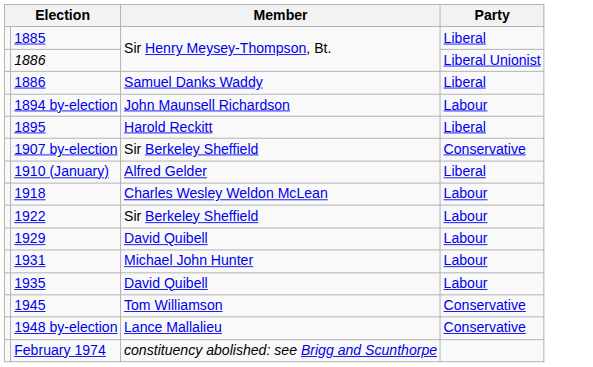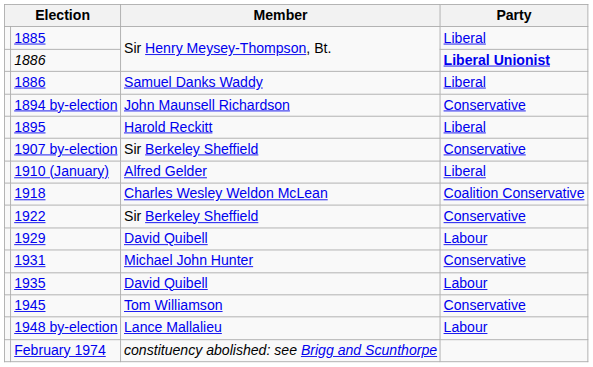 <table class="wikitable">
 <tr>
 <th colspan="2">Election</th>
 <th>Member</th>
 <th>Party</th>
 </tr>
 <tr>
 <td style="color:inherit;background-color: "></td>
 <td><a href='#'>1885</a></td>
 <td rowspan="2">Sir <a href='#'>Henry Meysey-Thompson</a>, Bt.</td>
 <td><a href='#'>Liberal</a></td>
 </tr>
 <tr>
 <td style="color:inherit;background-color: "></td>
 <td><em>1886</em> </td>
-<td><a href='#'>Liberal Unionist</a></td>
+<td><strong><a href='#'>Liberal Unionist</a></strong></td>
 </tr>
 <tr>
 <td style="color:inherit;background-color: "></td>
 <td><a href='#'>1886</a></td>
 <td><a href='#'>Samuel Danks Waddy</a></td>
 <td><a href='#'>Liberal</a></td>
 </tr>
 <tr>
 <td style="color:inherit;background-color: "></td>
 <td><a href='#'>1894 by-election</a></td>
 <td><a href='#'>John Maunsell Richardson</a></td>
-<td><a href='#'>Labour</a></td>
+<td><a href='#'>Conservative</a></td>
 </tr>
 <tr>
 <td style="color:inherit;background-color: "></td>
 <td><a href='#'>1895</a></td>
 <td><a href='#'>Harold Reckitt</a></td>
 <td><a href='#'>Liberal</a></td>
 </tr>
 <tr>
 <td style="color:inherit;background-color: "></td>
 <td><a href='#'>1907 by-election</a></td>
 <td>Sir <a href='#'>Berkeley Sheffield</a></td>
 <td><a href='#'>Conservative</a></td>
 </tr>
 <tr>
 <td style="color:inherit;background-color: "></td>
 <td><a href='#'>1910 (January)</a></td>
 <td><a href='#'>Alfred Gelder</a></td>
 <td><a href='#'>Liberal</a></td>
 </tr>
 <tr>
 <td style="color:inherit;background-color: "></td>
 <td><a href='#'>1918</a></td>
 <td><a href='#'>Charles Wesley Weldon McLean</a></td>
-<td><a href='#'>Labour</a></td>
+<td><a href='#'>Coalition Conservative</a></td>
 </tr>
 <tr>
 <td style="color:inherit;background-color: "></td>
 <td><a href='#'>1922</a></td>
 <td>Sir <a href='#'>Berkeley Sheffield</a></td>
-<td><a href='#'>Labour</a></td>
+<td><a href='#'>Conservative</a></td>
 </tr>
 <tr>
 <td style="color:inherit;background-color: "></td>
 <td><a href='#'>1929</a></td>
 <td><a href='#'>David Quibell</a></td>
 <td><a href='#'>Labour</a></td>
 </tr>
 <tr>
 <td style="color:inherit;background-color: "></td>
 <td><a href='#'>1931</a></td>
 <td><a href='#'>Michael John Hunter</a></td>
-<td><a href='#'>Labour</a></td>
+<td><a href='#'>Conservative</a></td>
 </tr>
 <tr>
 <td style="color:inherit;background-color: "></td>
 <td><a href='#'>1935</a></td>
 <td><a href='#'>David Quibell</a></td>
 <td><a href='#'>Labour</a></td>
 </tr>
 <tr>
 <td style="color:inherit;background-color: "></td>
 <td><a href='#'>1945</a></td>
 <td><a href='#'>Tom Williamson</a></td>
 <td><a href='#'>Conservative</a></td>
 </tr>
 <tr>
 <td style="color:inherit;background-color: "></td>
 <td><a href='#'>1948 by-election</a></td>
 <td><a href='#'>Lance Mallalieu</a></td>
-<td><a href='#'>Conservative</a></td>
+<td><a href='#'>Labour</a></td>
 </tr>
 <tr>
 <td></td>
 <td><a href='#'>February 1974</a></td>
 <td><em>constituency abolished: see <a href='#'>Brigg and Scunthorpe</a></em></td>
 </tr>
 </table>
